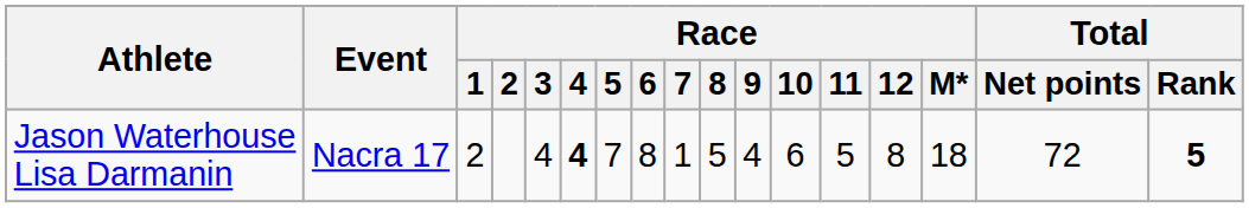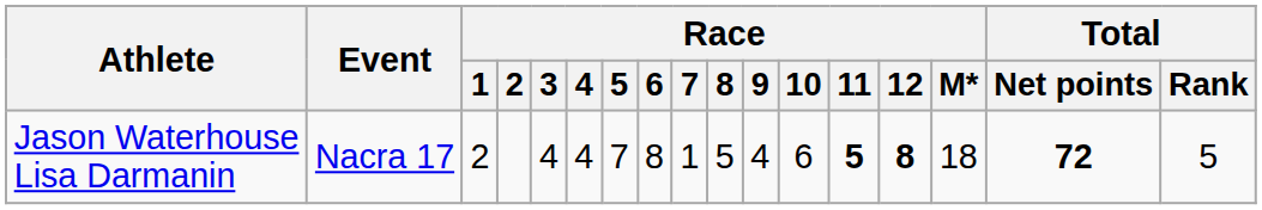 <table class=wikitable style=font-size:90%>
 <tr>
 <th rowspan=2>Athlete</th>
 <th rowspan=2>Event</th>
 <th colspan=13>Race</th>
 <th colspan=2>Total</th>
 </tr>
 <tr style=font-size:95%>
 <th>1</th>
 <th>2</th>
 <th>3</th>
 <th>4</th>
 <th>5</th>
 <th>6</th>
 <th>7</th>
 <th>8</th>
 <th>9</th>
 <th>10</th>
 <th>11</th>
 <th>12</th>
 <th>M*</th>
 <th>Net points</th>
 <th>Rank</th>
 </tr>
 <tr align=center>
 <td align=left><a href='#'>Jason Waterhouse</a><br><a href='#'>Lisa Darmanin</a></td>
 <td align=left><a href='#'>Nacra 17</a></td>
 <td>2</td>
 <td></td>
 <td>4</td>
-<td><strong>4</strong></td>
+<td>4</td>
 <td>7</td>
 <td>8</td>
 <td>1</td>
 <td>5</td>
 <td>4</td>
 <td>6</td>
+<td><strong>5</strong></td>
+<td><strong>8</strong></td>
+<td>18</td>
+<td><strong>72</strong></td>
 <td>5</td>
-<td>8</td>
-<td>18</td>
-<td>72</td>
-<td><strong>5</strong></td>
 </tr>
 </table>
